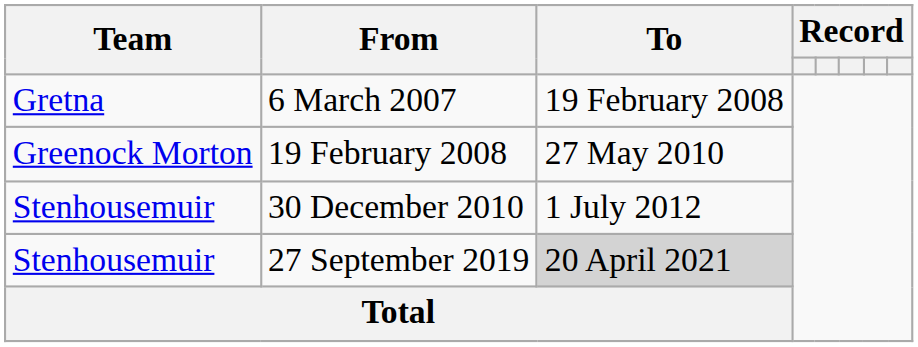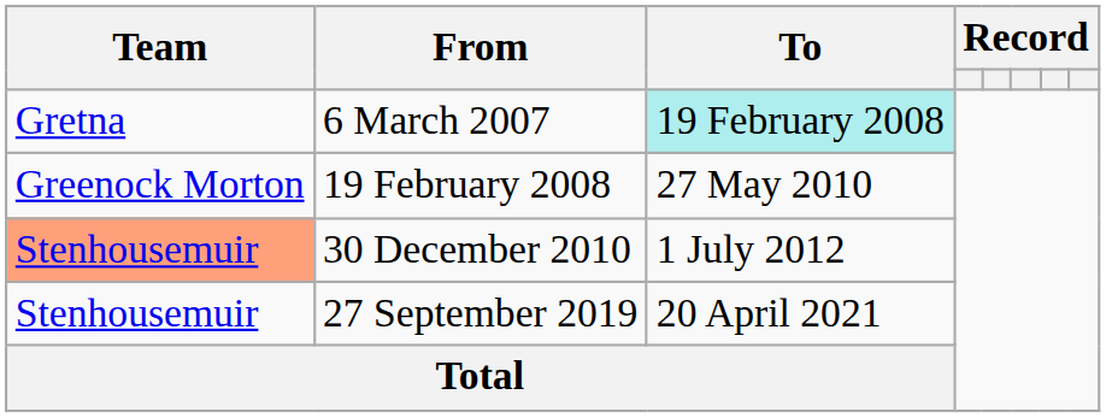 <table class=wikitable style="text-align: center">
 <tr>
 <th rowspan=2>Team</th>
 <th rowspan=2>From</th>
 <th rowspan=2>To</th>
 <th colspan=5>Record</th>
 </tr>
 <tr>
 <th></th>
 <th></th>
 <th></th>
 <th></th>
 <th></th>
 </tr>
 <tr>
 <td align=left><a href='#'>Gretna</a></td>
 <td align=left>6 March 2007</td>
-<td align=left>19 February 2008<br></td>
+<td align=left style="background: paleturquoise;">19 February 2008<br></td>
 </tr>
 <tr>
 <td align=left><a href='#'>Greenock Morton</a></td>
 <td align=left>19 February 2008</td>
 <td align=left>27 May 2010<br></td>
 </tr>
 <tr>
-<td align=left><a href='#'>Stenhousemuir</a></td>
+<td align=left style="background: lightsalmon;"><a href='#'>Stenhousemuir</a></td>
 <td align=left>30 December 2010</td>
 <td align=left>1 July 2012<br></td>
 </tr>
 <tr>
 <td align=left><a href='#'>Stenhousemuir</a></td>
 <td align=left>27 September 2019</td>
-<td align=left style="background: lightgrey;">20 April 2021<br></td>
+<td align=left>20 April 2021<br></td>
 </tr>
 <tr>
 <th colspan=3>Total<br></th>
 </tr>
 </table>
